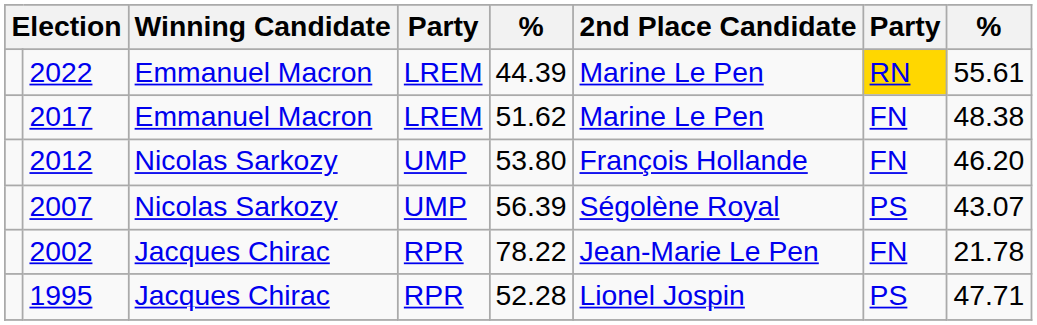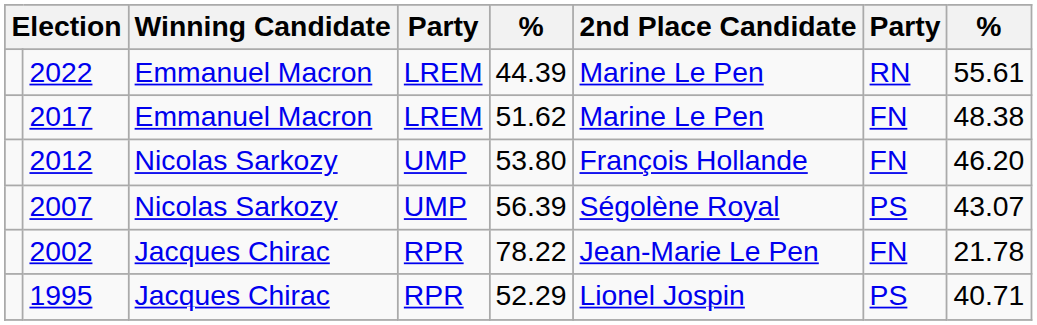 <table class="wikitable">
 <tr>
 <th colspan="2">Election</th>
 <th>Winning Candidate</th>
 <th>Party</th>
 <th>%</th>
 <th>2nd Place Candidate</th>
 <th>Party</th>
 <th>%</th>
 </tr>
 <tr>
 <td></td>
 <td><a href='#'>2022</a></td>
 <td><a href='#'>Emmanuel Macron</a></td>
 <td><a href='#'>LREM</a></td>
 <td>44.39</td>
 <td><a href='#'>Marine Le Pen</a></td>
-<td style="background: gold;"><a href='#'>RN</a></td>
+<td><a href='#'>RN</a></td>
 <td>55.61</td>
 </tr>
 <tr>
 <td style="background-color: "></td>
 <td><a href='#'>2017</a></td>
 <td><a href='#'>Emmanuel Macron</a></td>
 <td><a href='#'>LREM</a></td>
 <td>51.62</td>
 <td><a href='#'>Marine Le Pen</a></td>
 <td><a href='#'>FN</a></td>
 <td>48.38</td>
 </tr>
 <tr>
 <td style="background-color: "></td>
 <td><a href='#'>2012</a></td>
 <td><a href='#'>Nicolas Sarkozy</a></td>
 <td><a href='#'>UMP</a></td>
 <td>53.80</td>
 <td><a href='#'>François Hollande</a></td>
 <td><a href='#'>FN</a></td>
 <td>46.20</td>
 </tr>
 <tr>
 <td style="background-color: "></td>
 <td><a href='#'>2007</a></td>
 <td><a href='#'>Nicolas Sarkozy</a></td>
 <td><a href='#'>UMP</a></td>
 <td>56.39</td>
 <td><a href='#'>Ségolène Royal</a></td>
 <td><a href='#'>PS</a></td>
 <td>43.07</td>
 </tr>
 <tr>
 <td style="background-color: "></td>
 <td><a href='#'>2002</a></td>
 <td><a href='#'>Jacques Chirac</a></td>
 <td><a href='#'>RPR</a></td>
 <td>78.22</td>
 <td><a href='#'>Jean-Marie Le Pen</a></td>
 <td><a href='#'>FN</a></td>
 <td>21.78</td>
 </tr>
 <tr>
 <td style="background-color: "></td>
 <td><a href='#'>1995</a></td>
 <td><a href='#'>Jacques Chirac</a></td>
 <td><a href='#'>RPR</a></td>
-<td>52.28</td>
+<td>52.29</td>
 <td><a href='#'>Lionel Jospin</a></td>
 <td><a href='#'>PS</a></td>
-<td>47.71</td>
+<td>40.71</td>
 </tr>
 </table>
